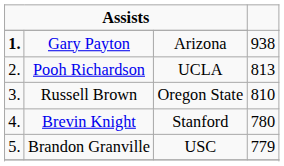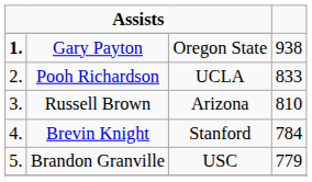 <table class="wikitable" style="display: inline-table;">
 <tr>
 <td align="center" Colspan="3"><strong>Assists</strong></td>
 </tr>
 <tr align="center">
 </tr>
 <tr align="center">
 <td><strong>1.</strong></td>
 <td><a href='#'>Gary Payton</a></td>
-<td>Arizona</td>
+<td>Oregon State</td>
 <td>938</td>
 </tr>
 <tr align="center">
 <td>2.</td>
 <td><a href='#'>Pooh Richardson</a></td>
 <td>UCLA</td>
-<td>813</td>
+<td>833</td>
 </tr>
 <tr align="center">
 <td>3.</td>
 <td>Russell Brown</td>
-<td>Oregon State</td>
+<td>Arizona</td>
 <td>810</td>
 </tr>
 <tr align="center">
 <td>4.</td>
 <td><a href='#'>Brevin Knight</a></td>
 <td>Stanford</td>
-<td>780</td>
+<td>784</td>
 </tr>
 <tr align="center">
 <td>5.</td>
 <td>Brandon Granville</td>
 <td>USC</td>
 <td>779</td>
 </tr>
 <tr align="center">
 </tr>
 <tr>
 </tr>
 </table>
